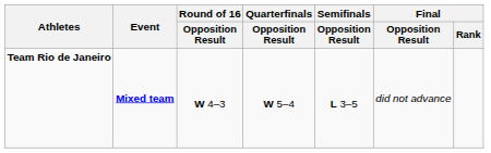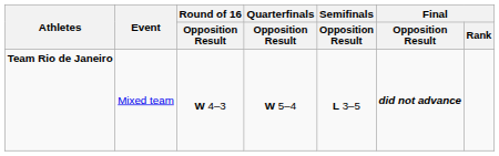 <table class="wikitable" style="text-align:center;font-size:90%">
 <tr>
 <th rowspan=2>Athletes</th>
 <th rowspan=2>Event</th>
 <th>Round of 16</th>
 <th>Quarterfinals</th>
 <th>Semifinals</th>
 <th colspan=2>Final</th>
 </tr>
 <tr style="font-size:95%">
 <th>Opposition<br>Result</th>
 <th>Opposition<br>Result</th>
 <th>Opposition<br>Result</th>
 <th>Opposition<br>Result</th>
 <th>Rank</th>
 </tr>
 <tr>
 <td align=left><strong>Team Rio de Janeiro</strong><br><br><br><br><br><br><br><br></td>
-<td align=left><strong><a href='#'>Mixed team</a></strong></td>
+<td align=left><a href='#'>Mixed team</a></td>
 <td><br><strong>W</strong> 4–3</td>
 <td><br><strong>W</strong> 5–4</td>
 <td><br><strong>L</strong> 3–5</td>
-<td><em>did not advance</em></td>
+<td><strong><em>did not advance</em></strong></td>
 <td></td>
 </tr>
 </table>
